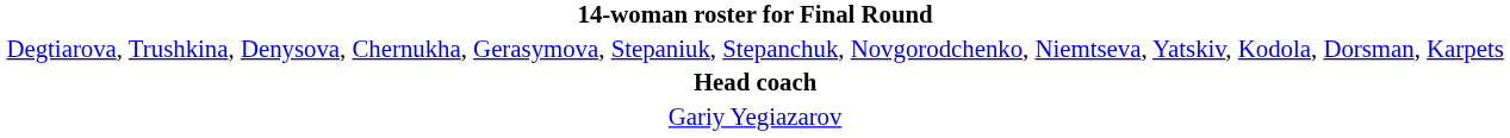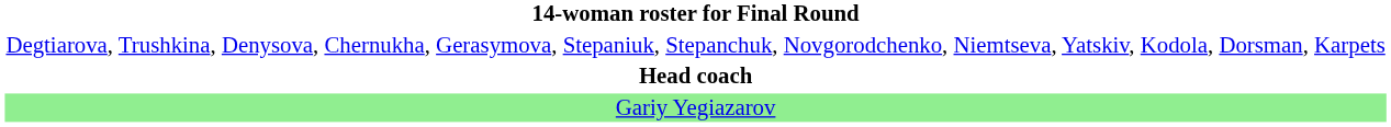 <table style="text-align:center; margin-top:2em; margin-left:auto; margin-right:auto">
 <tr>
 <td><strong>14-woman roster for Final Round</strong></td>
 </tr>
 <tr>
 <td><a href='#'>Degtiarova</a>, <a href='#'>Trushkina</a>, <a href='#'>Denysova</a>, <a href='#'>Chernukha</a>, <a href='#'>Gerasymova</a>, <a href='#'>Stepaniuk</a>, <a href='#'>Stepanchuk</a>, <a href='#'>Novgorodchenko</a>, <a href='#'>Niemtseva</a>, <a href='#'>Yatskiv</a>, <a href='#'>Kodola</a>, <a href='#'>Dorsman</a>, <a href='#'>Karpets</a></td>
 </tr>
 <tr>
 <td><strong>Head coach</strong></td>
 </tr>
 <tr>
-<td><a href='#'>Gariy Yegiazarov</a></td>
+<td style="background: lightgreen;"><a href='#'>Gariy Yegiazarov</a></td>
 </tr>
 </table>
